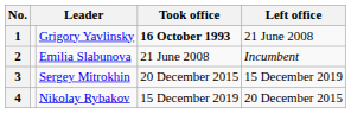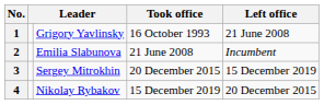 <table class="wikitable">
 <tr>
 <th>No.</th>
 <th colspan=2>Leader</th>
 <th>Took office</th>
 <th>Left office</th>
 </tr>
 <tr>
 <th>1</th>
 <td></td>
 <td><a href='#'>Grigory Yavlinsky</a></td>
-<td><strong>16 October 1993</strong></td>
+<td>16 October 1993</td>
 <td>21 June 2008</td>
 </tr>
 <tr>
 <th>2</th>
 <td></td>
 <td><a href='#'>Emilia Slabunova</a></td>
 <td>21 June 2008</td>
 <td><em>Incumbent</em></td>
 </tr>
 <tr>
 <th>3</th>
 <td></td>
 <td><a href='#'>Sergey Mitrokhin</a></td>
 <td>20 December 2015</td>
 <td>15 December 2019</td>
 </tr>
 <tr>
 <th>4</th>
 <td></td>
 <td><a href='#'>Nikolay Rybakov</a></td>
 <td>15 December 2019</td>
 <td>20 December 2015</td>
 </tr>
 </table>
